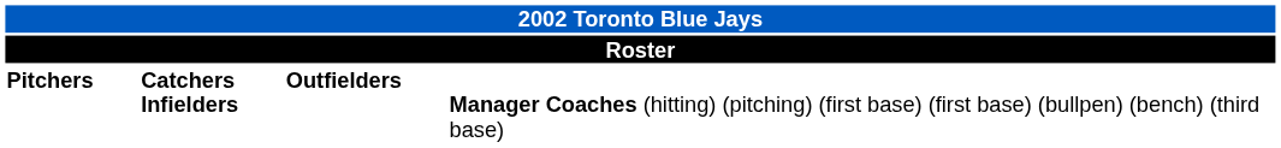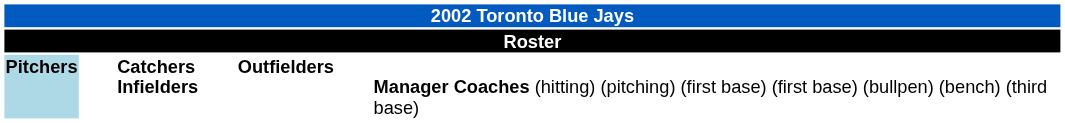 <table class="toccolours" style="font-size: 95%;">
 <tr>
 <th colspan="10" style="background-color: #005ac0; color: #FFFFFF; text-align: center;">2002 Toronto Blue Jays</th>
 </tr>
 <tr>
 <td colspan="10" style="background-color: black; color: white; text-align: center;"><strong>Roster</strong></td>
 </tr>
 <tr>
-<td valign="top"><strong>Pitchers</strong><br>                       </td>
+<td valign="top" style="background: lightblue;"><strong>Pitchers</strong><br>                       </td>
 <td width="25px"></td>
 <td valign="top"><strong>Catchers</strong><br>     <strong>Infielders</strong>        </td>
 <td width="25px"></td>
 <td valign="top"><strong>Outfielders</strong><br>       </td>
 <td width="25px"></td>
 <td valign="top"><br><strong>Manager</strong>   <strong>Coaches</strong>  (hitting)  (pitching)  (first base)  (first base)  (bullpen)  (bench)  (third base) </td>
 </tr>
 </table>
